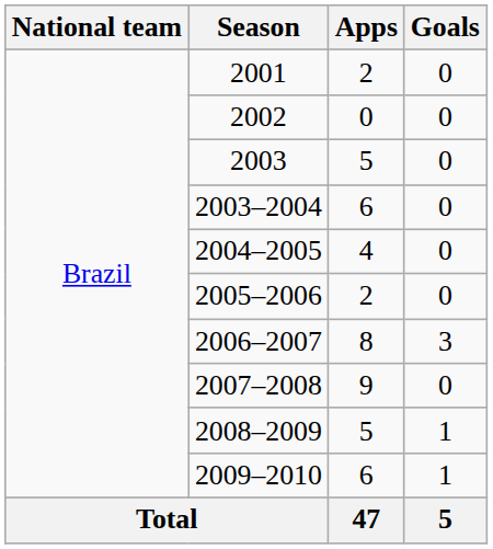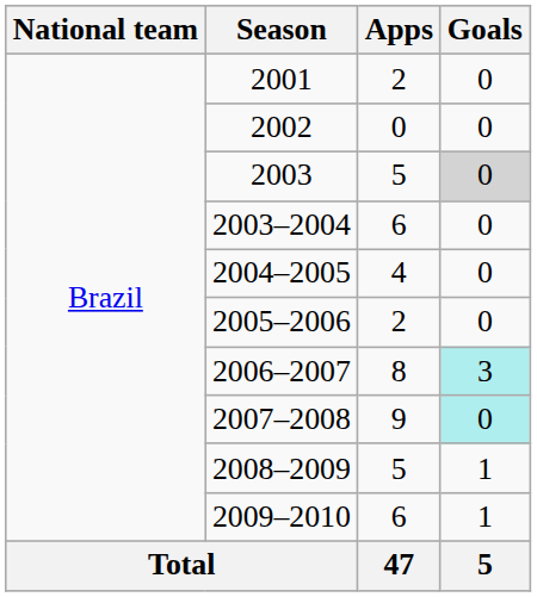 <table class="wikitable" style="text-align: center;">
 <tr>
 <th>National team</th>
 <th>Season</th>
 <th>Apps</th>
 <th>Goals</th>
 </tr>
 <tr>
 <td rowspan="10" valign="center"><a href='#'>Brazil</a></td>
 <td>2001</td>
 <td>2</td>
 <td>0</td>
 </tr>
 <tr>
 <td>2002</td>
 <td>0</td>
 <td>0</td>
 </tr>
 <tr>
 <td>2003</td>
 <td>5</td>
-<td>0</td>
+<td style="background: lightgrey;">0</td>
 </tr>
 <tr>
 <td>2003–2004</td>
 <td>6</td>
 <td>0</td>
 </tr>
 <tr>
 <td>2004–2005</td>
 <td>4</td>
 <td>0</td>
 </tr>
 <tr>
 <td>2005–2006</td>
 <td>2</td>
 <td>0</td>
 </tr>
 <tr>
 <td>2006–2007</td>
 <td>8</td>
-<td>3</td>
+<td style="background: paleturquoise;">3</td>
 </tr>
 <tr>
 <td>2007–2008</td>
 <td>9</td>
-<td>0</td>
+<td style="background: paleturquoise;">0</td>
 </tr>
 <tr>
 <td>2008–2009</td>
 <td>5</td>
 <td>1</td>
 </tr>
 <tr>
 <td>2009–2010</td>
 <td>6</td>
 <td>1</td>
 </tr>
 <tr>
 <th colspan="2">Total</th>
 <th>47</th>
 <th>5</th>
 </tr>
 </table>
